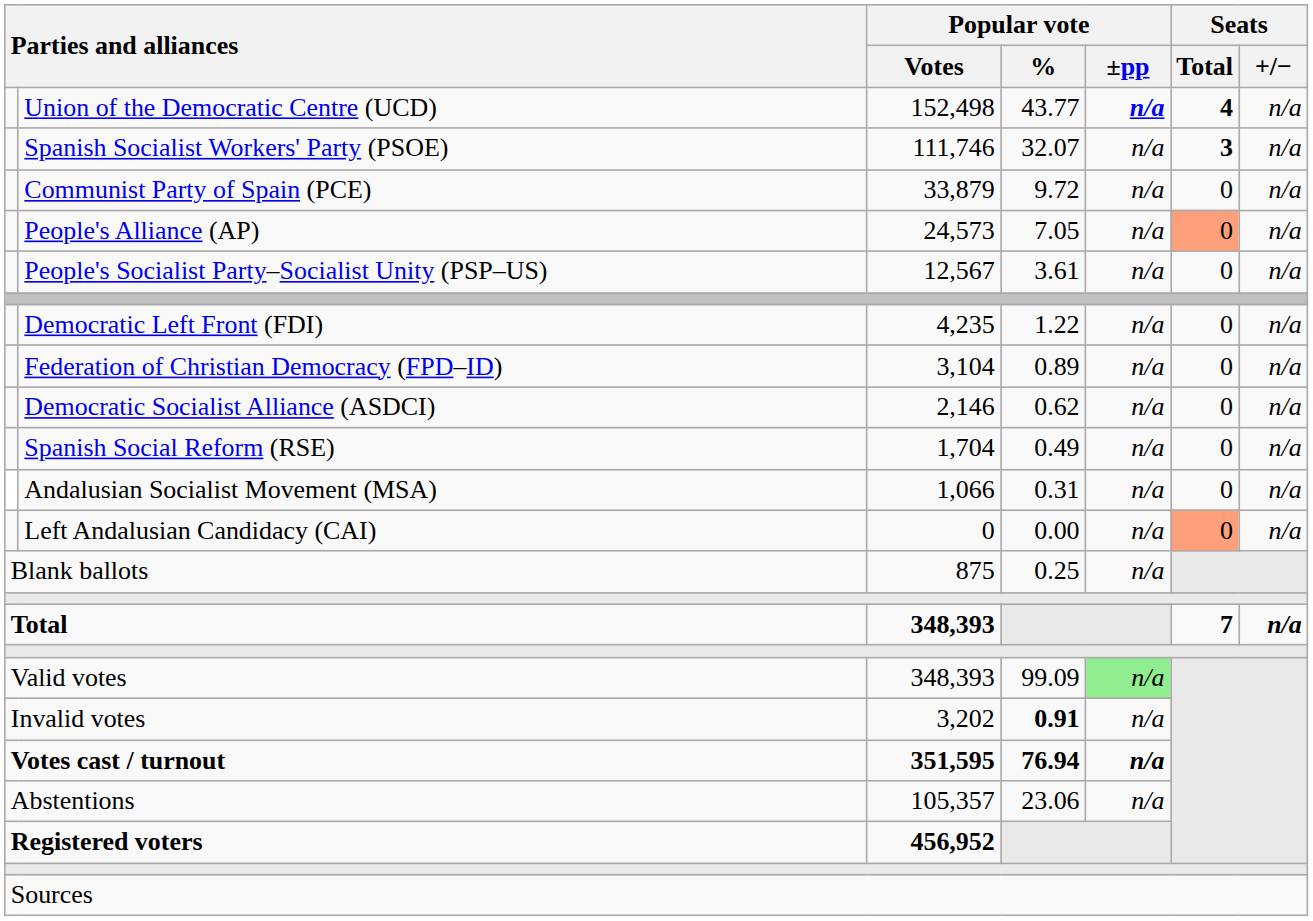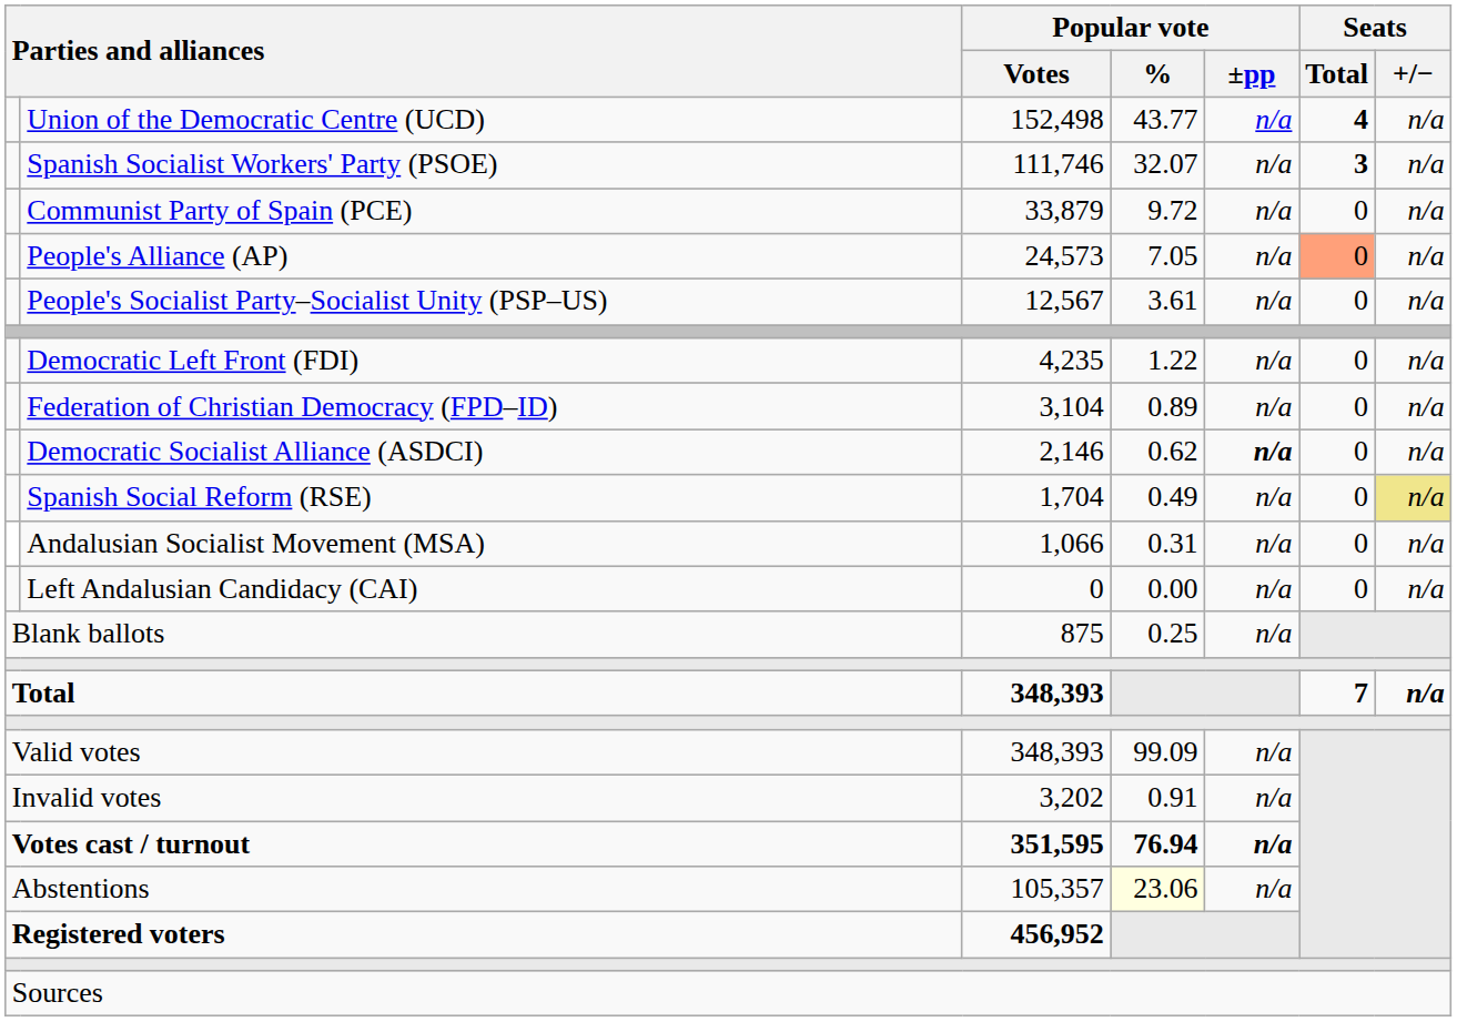 <table class="wikitable" style="text-align:right;">
 <tr>
 <th style="text-align:left;" rowspan="2" colspan="2" width="525">Parties and alliances</th>
 <th colspan="3">Popular vote</th>
 <th colspan="2">Seats</th>
 </tr>
 <tr>
 <th width="75">Votes</th>
 <th width="45">%</th>
 <th width="45">±<a href='#'>pp</a></th>
 <th width="35">Total</th>
 <th width="35">+/−</th>
 </tr>
 <tr>
 <td width="1" style="color:inherit;background:"></td>
 <td align="left"><a href='#'>Union of the Democratic Centre</a> (UCD)</td>
 <td>152,498</td>
 <td>43.77</td>
-<td><strong><em><a href='#'>n/a</a></em></strong></td>
+<td><em><a href='#'>n/a</a></em></td>
 <td><strong>4</strong></td>
 <td><em>n/a</em></td>
 </tr>
 <tr>
 <td style="color:inherit;background:"></td>
 <td align="left"><a href='#'>Spanish Socialist Workers' Party</a> (PSOE)</td>
 <td>111,746</td>
 <td>32.07</td>
 <td><em>n/a</em></td>
 <td><strong>3</strong></td>
 <td><em>n/a</em></td>
 </tr>
 <tr>
 <td style="color:inherit;background:"></td>
 <td align="left"><a href='#'>Communist Party of Spain</a> (PCE)</td>
 <td>33,879</td>
 <td>9.72</td>
 <td><em>n/a</em></td>
 <td>0</td>
 <td><em>n/a</em></td>
 </tr>
 <tr>
 <td style="color:inherit;background:"></td>
 <td align="left"><a href='#'>People's Alliance</a> (AP)</td>
 <td>24,573</td>
 <td>7.05</td>
 <td><em>n/a</em></td>
 <td style="background: lightsalmon;">0</td>
 <td><em>n/a</em></td>
 </tr>
 <tr>
 <td style="color:inherit;background:"></td>
 <td align="left"><a href='#'>People's Socialist Party</a>–<a href='#'>Socialist Unity</a> (PSP–US)</td>
 <td>12,567</td>
 <td>3.61</td>
 <td><em>n/a</em></td>
 <td>0</td>
 <td><em>n/a</em></td>
 </tr>
 <tr>
 <td colspan="7" bgcolor="#C0C0C0"></td>
 </tr>
 <tr>
 <td style="color:inherit;background:"></td>
 <td align="left"><a href='#'>Democratic Left Front</a> (FDI)</td>
 <td>4,235</td>
 <td>1.22</td>
 <td><em>n/a</em></td>
 <td>0</td>
 <td><em>n/a</em></td>
 </tr>
 <tr>
 <td style="color:inherit;background:"></td>
 <td align="left"><a href='#'>Federation of Christian Democracy</a> (<a href='#'>FPD</a>–<a href='#'>ID</a>)</td>
 <td>3,104</td>
 <td>0.89</td>
 <td><em>n/a</em></td>
 <td>0</td>
 <td><em>n/a</em></td>
 </tr>
 <tr>
 <td style="color:inherit;background:"></td>
 <td align="left"><a href='#'>Democratic Socialist Alliance</a> (ASDCI)</td>
 <td>2,146</td>
 <td>0.62</td>
-<td><em>n/a</em></td>
+<td><strong><em>n/a</em></strong></td>
 <td>0</td>
 <td><em>n/a</em></td>
 </tr>
 <tr>
 <td style="color:inherit;background:"></td>
 <td align="left"><a href='#'>Spanish Social Reform</a> (RSE)</td>
 <td>1,704</td>
 <td>0.49</td>
 <td><em>n/a</em></td>
 <td>0</td>
-<td><em>n/a</em></td>
+<td style="background: khaki;"><em>n/a</em></td>
 </tr>
 <tr>
 <td bgcolor="white"></td>
 <td align="left">Andalusian Socialist Movement (MSA)</td>
 <td>1,066</td>
 <td>0.31</td>
 <td><em>n/a</em></td>
 <td>0</td>
 <td><em>n/a</em></td>
 </tr>
 <tr>
 <td style="color:inherit;background:"></td>
 <td align="left">Left Andalusian Candidacy (CAI)</td>
 <td>0</td>
 <td>0.00</td>
 <td><em>n/a</em></td>
-<td style="background: lightsalmon;">0</td>
+<td>0</td>
 <td><em>n/a</em></td>
 </tr>
 <tr>
 <td align="left" colspan="2">Blank ballots</td>
 <td>875</td>
 <td>0.25</td>
 <td><em>n/a</em></td>
 <td bgcolor="#E9E9E9" colspan="2"></td>
 </tr>
 <tr>
 <td colspan="7" bgcolor="#E9E9E9"></td>
 </tr>
 <tr style="font-weight:bold;">
 <td align="left" colspan="2">Total</td>
 <td>348,393</td>
 <td bgcolor="#E9E9E9" colspan="2"></td>
 <td>7</td>
 <td><em>n/a</em></td>
 </tr>
 <tr>
 <td colspan="7" bgcolor="#E9E9E9"></td>
 </tr>
 <tr>
 <td align="left" colspan="2">Valid votes</td>
 <td>348,393</td>
 <td>99.09</td>
-<td style="background: lightgreen;"><em>n/a</em></td>
+<td><em>n/a</em></td>
 <td bgcolor="#E9E9E9" colspan="2" rowspan="5"></td>
 </tr>
 <tr>
 <td align="left" colspan="2">Invalid votes</td>
 <td>3,202</td>
-<td><strong>0.91</strong></td>
+<td>0.91</td>
 <td><em>n/a</em></td>
 </tr>
 <tr style="font-weight:bold;">
 <td align="left" colspan="2">Votes cast / turnout</td>
 <td>351,595</td>
 <td>76.94</td>
 <td><em>n/a</em></td>
 </tr>
 <tr>
 <td align="left" colspan="2">Abstentions</td>
 <td>105,357</td>
-<td>23.06</td>
+<td style="background: lightyellow;">23.06</td>
 <td><em>n/a</em></td>
 </tr>
 <tr style="font-weight:bold;">
 <td align="left" colspan="2">Registered voters</td>
 <td>456,952</td>
 <td bgcolor="#E9E9E9" colspan="2"></td>
 </tr>
 <tr>
 <td colspan="7" bgcolor="#E9E9E9"></td>
 </tr>
 <tr>
 <td align="left" colspan="7">Sources</td>
 </tr>
 </table>
